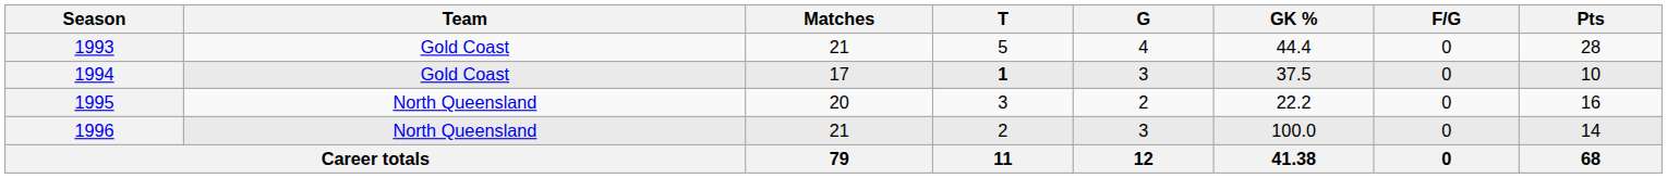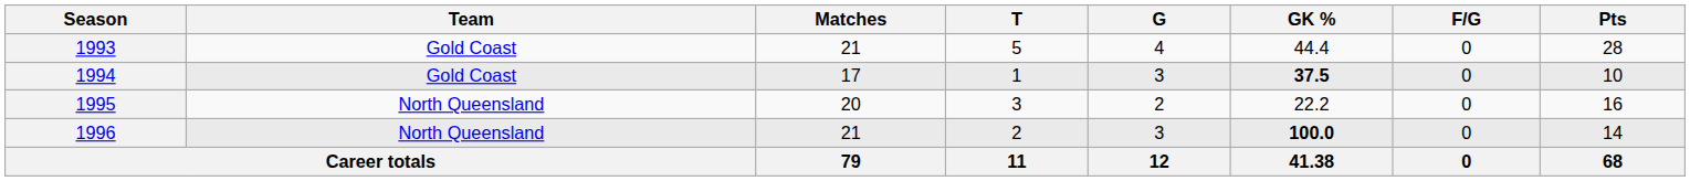 <table class="wikitable sortable"  style="font-size:90%; text-align:center; width:85%;">
 <tr>
 <th width=2%>Season</th>
 <th width=8%>Team</th>
 <th width=2%>Matches</th>
 <th width=2%>T</th>
 <th width=2%>G</th>
 <th width=2%>GK %</th>
 <th width=2%>F/G</th>
 <th width=2%>Pts</th>
 </tr>
 <tr>
 <th scope="row" style="text-align:center; font-weight:normal"><a href='#'>1993</a></th>
 <td style="text-align:center;"> <a href='#'>Gold Coast</a></td>
 <td>21</td>
 <td>5</td>
 <td>4</td>
 <td>44.4</td>
 <td>0</td>
 <td>28</td>
 </tr>
 <tr style="background-color: #EAEAEA">
 <th scope="row" style="text-align:center; font-weight:normal"><a href='#'>1994</a></th>
 <td style="text-align:center;"> <a href='#'>Gold Coast</a></td>
 <td>17</td>
-<td><strong>1</strong></td>
+<td>1</td>
 <td>3</td>
-<td>37.5</td>
+<td><strong>37.5</strong></td>
 <td>0</td>
 <td>10</td>
 </tr>
 <tr>
 <th scope="row" style="text-align:center; font-weight:normal"><a href='#'>1995</a></th>
 <td style="text-align:center;"> <a href='#'>North Queensland</a></td>
 <td>20</td>
 <td>3</td>
 <td>2</td>
 <td>22.2</td>
 <td>0</td>
 <td>16</td>
 </tr>
 <tr style="background-color: #EAEAEA">
 <th scope="row" style="text-align:center; font-weight:normal"><a href='#'>1996</a></th>
 <td style="text-align:center;"> <a href='#'>North Queensland</a></td>
 <td>21</td>
 <td>2</td>
 <td>3</td>
-<td>100.0</td>
+<td><strong>100.0</strong></td>
 <td>0</td>
 <td>14</td>
 </tr>
 <tr class="sortbottom">
 <th colspan=2>Career totals</th>
 <th>79</th>
 <th>11</th>
 <th>12</th>
 <th>41.38</th>
 <th>0</th>
 <th>68</th>
 </tr>
 </table>
